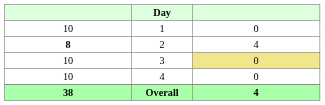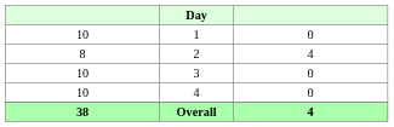 <table border="1" cellpadding="3" style="border-collapse:collapse; text-align:center;">
 <tr style="background:#dfd;">
 <th style="width:12em;"></th>
 <th style="width:5.5em;">Day</th>
 <th style="width:12em;"></th>
 </tr>
 <tr>
 <td>10</td>
 <td align=center>1</td>
 <td>0</td>
 </tr>
 <tr>
-<td><strong>8</strong></td>
+<td>8</td>
 <td align=center>2</td>
 <td>4</td>
 </tr>
 <tr>
 <td>10</td>
 <td align=center>3</td>
-<td style="background: khaki;">0</td>
+<td>0</td>
 </tr>
 <tr>
 <td>10</td>
 <td align=center>4</td>
 <td>0</td>
 </tr>
 <tr style="background:#dfd;">
 </tr>
 <tr style="background:#afa;">
 <th>38</th>
 <th>Overall</th>
 <th>4</th>
 </tr>
 </table>
